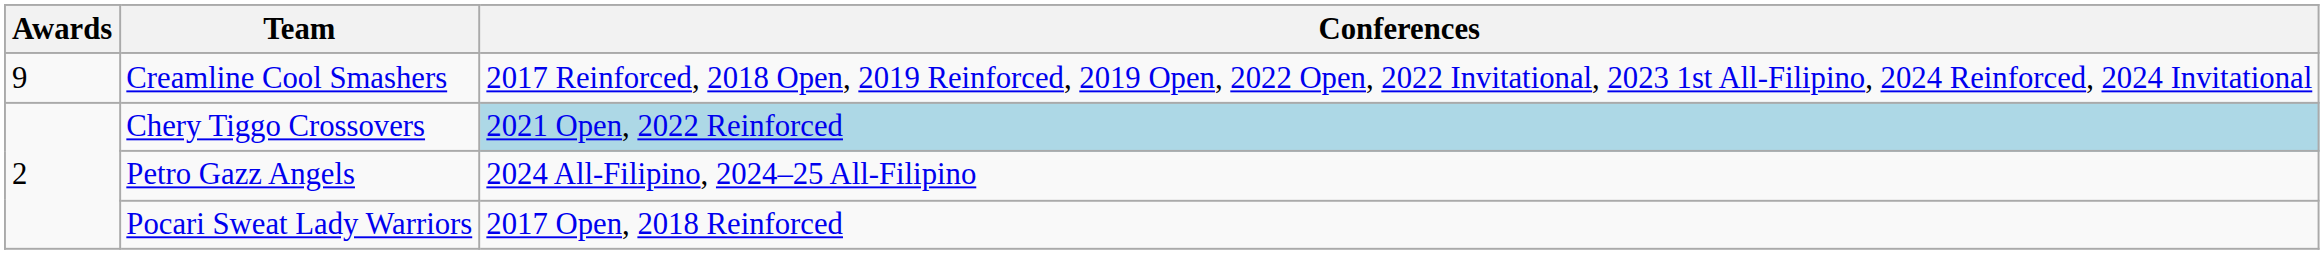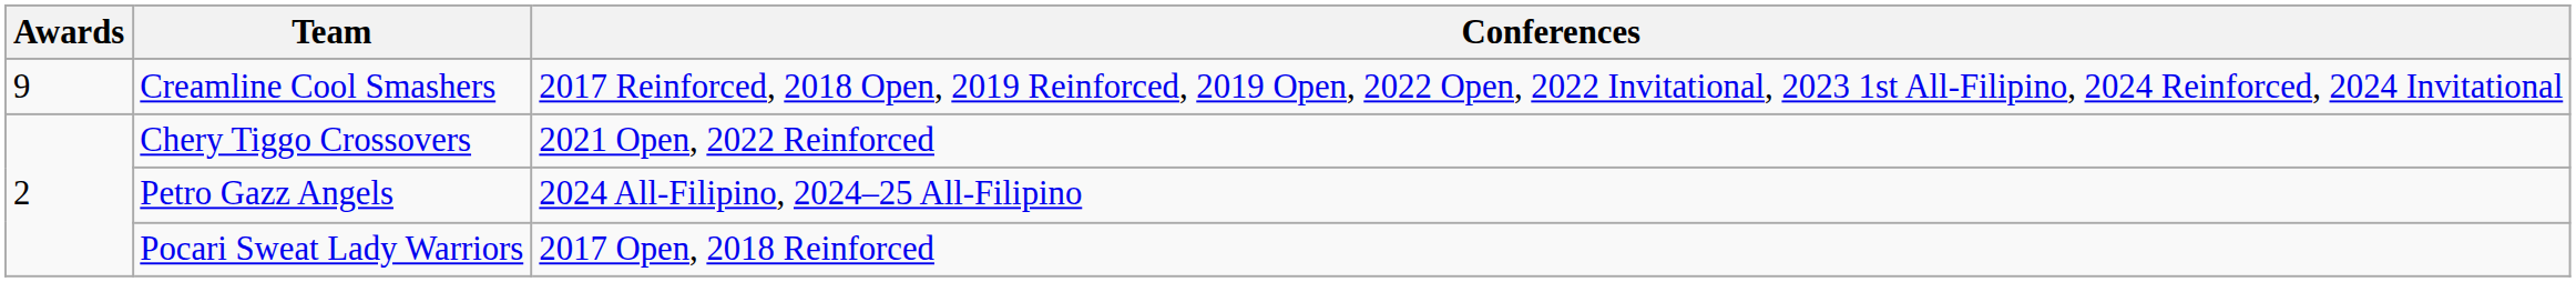 <table class="wikitable sortable">
 <tr>
 <th>Awards</th>
 <th>Team</th>
 <th class="unsortable">Conferences</th>
 </tr>
 <tr>
 <td>9</td>
 <td><a href='#'>Creamline Cool Smashers</a></td>
 <td><a href='#'>2017 Reinforced</a>, <a href='#'>2018 Open</a>, <a href='#'>2019 Reinforced</a>, <a href='#'>2019 Open</a>, <a href='#'>2022 Open</a>, <a href='#'>2022 Invitational</a>, <a href='#'>2023 1st All-Filipino</a>, <a href='#'>2024 Reinforced</a>, <a href='#'>2024 Invitational</a></td>
 </tr>
 <tr>
 <td rowspan=3>2</td>
 <td><a href='#'>Chery Tiggo Crossovers</a></td>
-<td style="background: lightblue;"><a href='#'>2021 Open</a>, <a href='#'>2022 Reinforced</a></td>
+<td><a href='#'>2021 Open</a>, <a href='#'>2022 Reinforced</a></td>
 </tr>
 <tr>
 <td><a href='#'>Petro Gazz Angels</a></td>
 <td><a href='#'>2024 All-Filipino</a>, <a href='#'>2024–25 All-Filipino</a></td>
 </tr>
 <tr>
 <td><a href='#'>Pocari Sweat Lady Warriors</a></td>
 <td><a href='#'>2017 Open</a>, <a href='#'>2018 Reinforced</a></td>
 </tr>
 </table>
